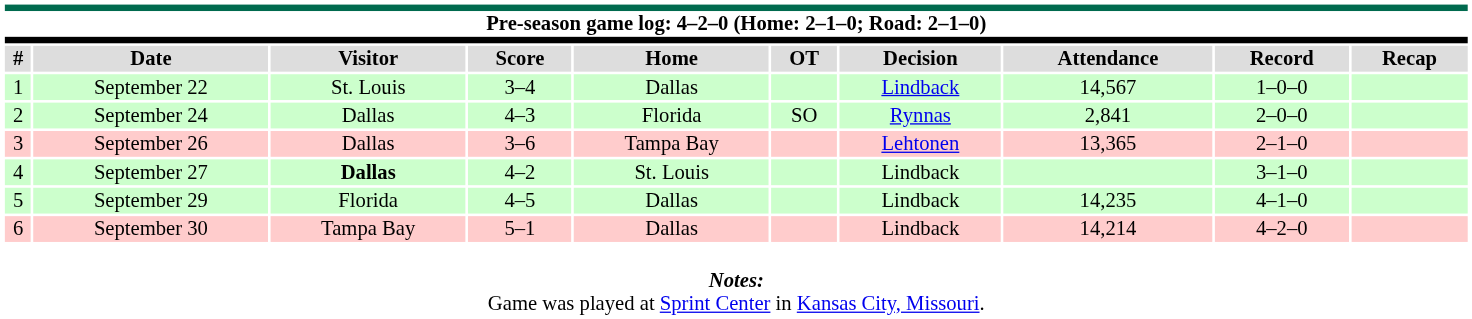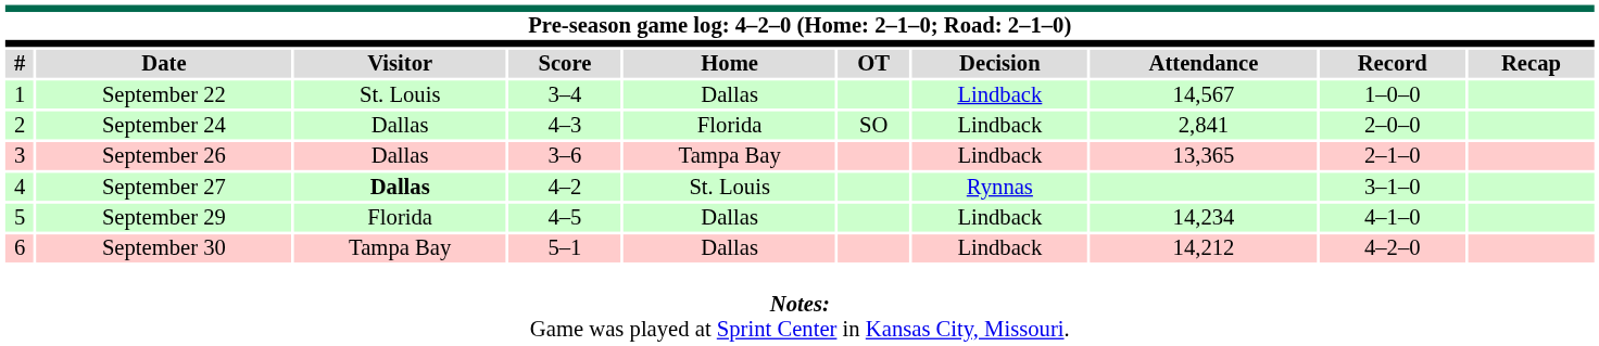 <table class="toccolours collapsible collapsed" style="width:90%; clear:both; margin:1.5em auto; text-align:center;">
 <tr>
 <th colspan=10 style="background:#fff; border-top:#006A4E 5px solid; border-bottom:#000000 5px solid;">Pre-season game log: 4–2–0 (Home: 2–1–0; Road: 2–1–0)</th>
 </tr>
 <tr style="text-align:center; background:#ddd;">
 <th>#</th>
 <th>Date</th>
 <th>Visitor</th>
 <th>Score</th>
 <th>Home</th>
 <th>OT</th>
 <th>Decision</th>
 <th>Attendance</th>
 <th>Record</th>
 <th>Recap</th>
 </tr>
 <tr style="text-align:center; background:#cfc;">
 <td>1</td>
 <td>September 22</td>
 <td>St. Louis</td>
 <td>3–4</td>
 <td>Dallas</td>
 <td></td>
 <td><a href='#'>Lindback</a></td>
 <td>14,567</td>
 <td>1–0–0</td>
 <td></td>
 </tr>
 <tr style="text-align:center; background:#cfc;">
 <td>2</td>
 <td>September 24</td>
 <td>Dallas</td>
 <td>4–3</td>
 <td>Florida</td>
 <td>SO</td>
-<td><a href='#'>Rynnas</a></td>
+<td>Lindback</td>
 <td>2,841</td>
 <td>2–0–0</td>
 <td></td>
 </tr>
 <tr style="text-align:center; background:#fcc;">
 <td>3</td>
 <td>September 26</td>
 <td>Dallas</td>
 <td>3–6</td>
 <td>Tampa Bay</td>
 <td></td>
-<td><a href='#'>Lehtonen</a></td>
+<td>Lindback</td>
 <td>13,365</td>
 <td>2–1–0</td>
 <td></td>
 </tr>
 <tr style="text-align:center; background:#cfc;">
 <td>4</td>
 <td>September 27</td>
 <td><strong>Dallas</strong></td>
 <td>4–2</td>
 <td>St. Louis</td>
 <td></td>
-<td>Lindback</td>
+<td><a href='#'>Rynnas</a></td>
 <td></td>
 <td>3–1–0</td>
 <td></td>
 </tr>
 <tr style="text-align:center; background:#cfc;">
 <td>5</td>
 <td>September 29</td>
 <td>Florida</td>
 <td>4–5</td>
 <td>Dallas</td>
 <td></td>
 <td>Lindback</td>
-<td>14,235</td>
+<td>14,234</td>
 <td>4–1–0</td>
 <td></td>
 </tr>
 <tr style="text-align:center; background:#fcc;">
 <td>6</td>
 <td>September 30</td>
 <td>Tampa Bay</td>
 <td>5–1</td>
 <td>Dallas</td>
 <td></td>
 <td>Lindback</td>
-<td>14,214</td>
+<td>14,212</td>
 <td>4–2–0</td>
 <td></td>
 </tr>
 <tr>
 <td colspan="10" style="text-align:center;"><br><strong><em>Notes:</em></strong><br> Game was played at <a href='#'>Sprint Center</a> in <a href='#'>Kansas City, Missouri</a>.</td>
 </tr>
 </table>
